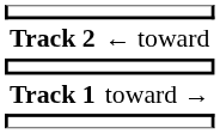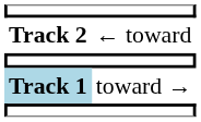 <table table border=0 cellspacing=0 cellpadding=3>
 <tr>
 <td style="border-bottom:solid 2px black;border-right:solid 2px black;border-left:solid 2px black;border-top:solid 1px gray;text-align:center" colspan=2></td>
 </tr>
 <tr>
 <td><strong>Track 2</strong></td>
 <td>← <strong></strong> toward  </td>
 </tr>
 <tr>
 <td style="border-top:solid 2px black;border-right:solid 2px black;border-left:solid 2px black;border-bottom:solid 2px black;text-align:center" colspan=2></td>
 </tr>
 <tr>
-<td><strong>Track 1</strong></td>
+<td style="background: lightblue;"><strong>Track 1</strong></td>
 <td> <strong></strong> toward   →</td>
 </tr>
 <tr>
 <td style="border-top:solid 2px black;border-right:solid 2px black;border-left:solid 2px black;border-bottom:solid 1px gray;text-align:center" colspan=2></td>
 </tr>
 </table>
